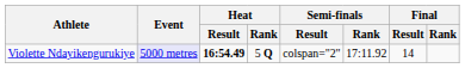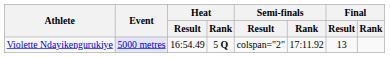 <table class="wikitable" style="font-size:90%; text-align:center">
 <tr>
 <th rowspan="2">Athlete</th>
 <th rowspan="2">Event</th>
 <th colspan="2">Heat</th>
 <th colspan="2">Semi-finals</th>
 <th colspan="2">Final</th>
 </tr>
 <tr>
 <th>Result</th>
 <th>Rank</th>
 <th>Result</th>
 <th>Rank</th>
 <th>Result</th>
 <th>Rank</th>
 </tr>
 <tr>
 <td align="left"><a href='#'>Violette Ndayikengurukiye</a></td>
 <td align="left" style="background: lavender;"><a href='#'>5000 metres</a></td>
-<td><strong>16:54.49 </strong></td>
+<td>16:54.49 </td>
 <td>5 <strong>Q</strong></td>
 <td>colspan="2" </td>
 <td>17:11.92</td>
-<td>14</td>
+<td>13</td>
 </tr>
 </table>
